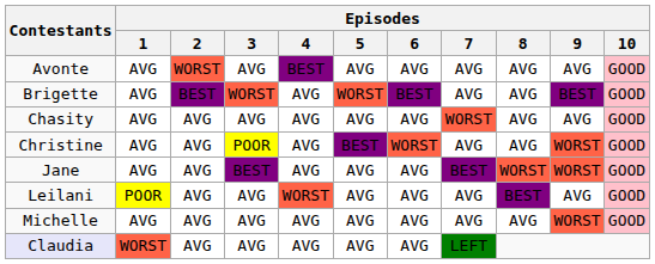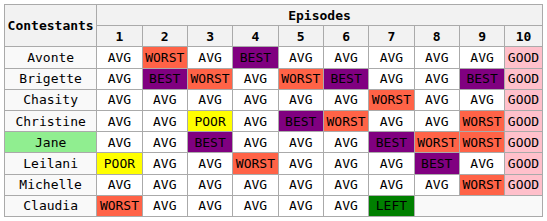 <table class="wikitable" style="text-align:center">
 <tr>
 <th rowspan=2>Contestants</th>
 <th colspan=10>Episodes</th>
 </tr>
 <tr>
 <th>1</th>
 <th>2</th>
 <th>3</th>
 <th>4</th>
 <th>5</th>
 <th>6</th>
 <th>7</th>
 <th>8</th>
 <th>9</th>
 <th>10</th>
 </tr>
 <tr>
 <td>Avonte</td>
 <td bgcolor="white">AVG</td>
 <td bgcolor="tomato">WORST</td>
 <td bgcolor="white">AVG</td>
 <td bgcolor="purple"><span>BEST</span></td>
 <td bgcolor="white">AVG</td>
 <td bgcolor="white">AVG</td>
 <td bgcolor="white">AVG</td>
 <td bgcolor="white">AVG</td>
 <td bgcolor="white">AVG</td>
 <td bgcolor="pink">GOOD</td>
 </tr>
 <tr>
 <td>Brigette</td>
 <td bgcolor="white">AVG</td>
 <td bgcolor="purple"><span>BEST</span></td>
 <td bgcolor="tomato">WORST</td>
 <td bgcolor="white">AVG</td>
 <td bgcolor="tomato">WORST</td>
 <td bgcolor="purple"><span>BEST</span></td>
 <td bgcolor="white">AVG</td>
 <td bgcolor="white">AVG</td>
 <td bgcolor="purple"><span>BEST</span></td>
 <td bgcolor="pink">GOOD</td>
 </tr>
 <tr>
 <td>Chasity</td>
 <td bgcolor="white">AVG</td>
 <td bgcolor="white">AVG</td>
 <td bgcolor="white">AVG</td>
 <td bgcolor="white">AVG</td>
 <td bgcolor="white">AVG</td>
 <td bgcolor="white">AVG</td>
 <td bgcolor="tomato">WORST</td>
 <td bgcolor="white">AVG</td>
 <td bgcolor="white">AVG</td>
 <td bgcolor="pink">GOOD</td>
 </tr>
 <tr>
 <td>Christine</td>
 <td bgcolor="white">AVG</td>
 <td bgcolor="white">AVG</td>
 <td bgcolor="yellow">POOR</td>
 <td bgcolor="white">AVG</td>
 <td bgcolor="purple"><span>BEST</span></td>
 <td bgcolor="tomato">WORST</td>
 <td bgcolor="white">AVG</td>
 <td bgcolor="white">AVG</td>
 <td bgcolor="tomato">WORST</td>
 <td bgcolor="pink">GOOD</td>
 </tr>
 <tr>
-<td>Jane</td>
+<td style="background: lightgreen;">Jane</td>
 <td bgcolor="white">AVG</td>
 <td bgcolor="white">AVG</td>
 <td bgcolor="purple"><span>BEST</span></td>
 <td bgcolor="white">AVG</td>
 <td bgcolor="white">AVG</td>
 <td bgcolor="white">AVG</td>
 <td bgcolor="purple"><span>BEST</span></td>
 <td bgcolor="tomato">WORST</td>
 <td bgcolor="tomato">WORST</td>
 <td bgcolor="pink">GOOD</td>
 </tr>
 <tr>
 <td>Leilani</td>
 <td bgcolor="yellow">POOR</td>
 <td bgcolor="white">AVG</td>
 <td bgcolor="white">AVG</td>
 <td bgcolor="tomato">WORST</td>
 <td bgcolor="white">AVG</td>
 <td bgcolor="white">AVG</td>
 <td bgcolor="white">AVG</td>
 <td bgcolor="purple"><span>BEST</span></td>
 <td bgcolor="white">AVG</td>
 <td bgcolor="pink">GOOD</td>
 </tr>
 <tr>
 <td>Michelle</td>
 <td bgcolor="white">AVG</td>
 <td bgcolor="white">AVG</td>
 <td bgcolor="white">AVG</td>
 <td bgcolor="white">AVG</td>
 <td bgcolor="white">AVG</td>
 <td bgcolor="white">AVG</td>
 <td bgcolor="white">AVG</td>
 <td bgcolor="white">AVG</td>
 <td bgcolor="tomato">WORST</td>
 <td bgcolor="pink">GOOD</td>
 </tr>
 <tr>
-<td style="background: lavender;">Claudia</td>
+<td>Claudia</td>
 <td bgcolor="tomato">WORST</td>
 <td bgcolor="white">AVG</td>
 <td bgcolor="white">AVG</td>
 <td bgcolor="white">AVG</td>
 <td bgcolor="white">AVG</td>
 <td bgcolor="white">AVG</td>
 <td bgcolor="green">LEFT</td>
 </tr>
 </table>
